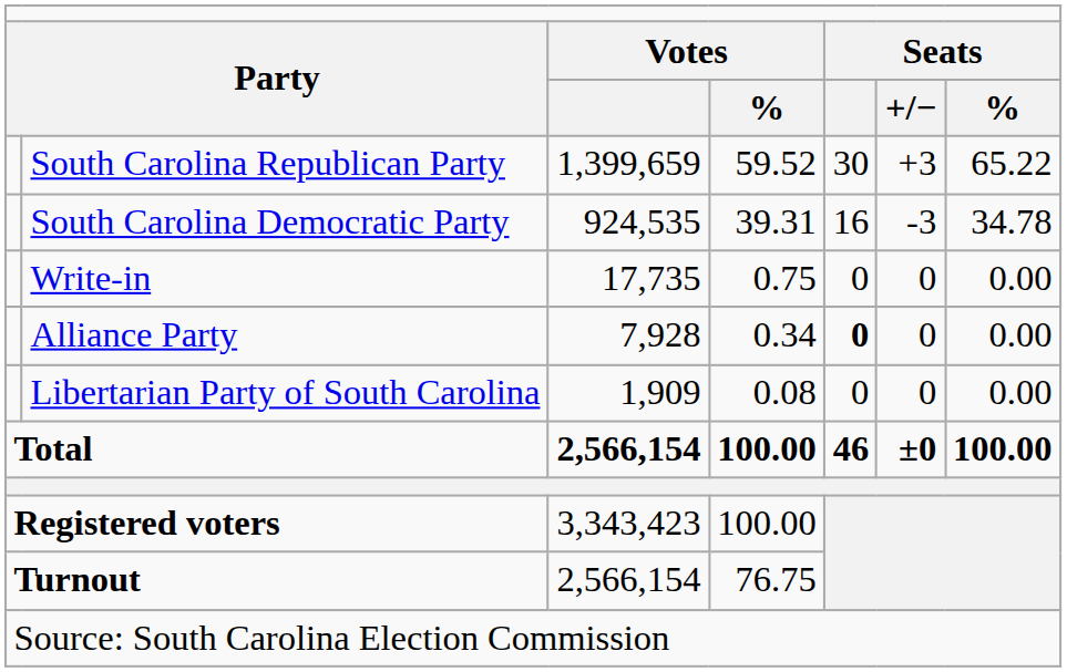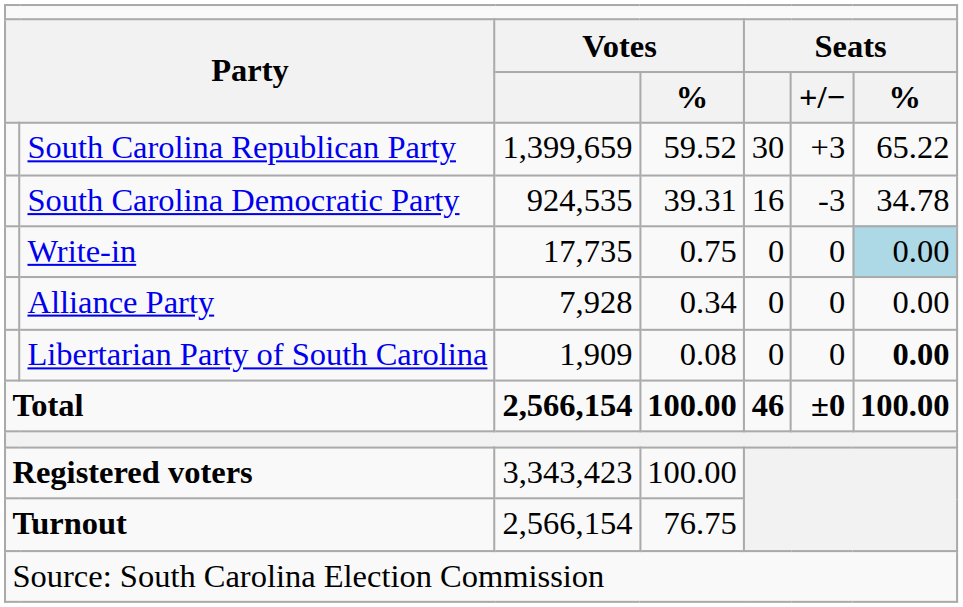 <table class="wikitable">
 <tr>
 <td colspan="7"></td>
 </tr>
 <tr>
 <th colspan="2" rowspan="2">Party</th>
 <th colspan="2">Votes</th>
 <th colspan="3">Seats</th>
 </tr>
 <tr>
 <th></th>
 <th>%</th>
 <th></th>
 <th>+/−</th>
 <th>%</th>
 </tr>
 <tr>
 <td style="background-color:"></td>
 <td><a href='#'>South Carolina Republican Party</a></td>
 <td align="right">1,399,659</td>
 <td align="right">59.52</td>
 <td align="right">30</td>
 <td align="right">+3</td>
 <td align="right">65.22</td>
 </tr>
 <tr>
 <td style="background-color:"></td>
 <td><a href='#'>South Carolina Democratic Party</a></td>
 <td align="right">924,535</td>
 <td align="right">39.31</td>
 <td align="right">16</td>
 <td align="right">-3</td>
 <td align="right">34.78</td>
 </tr>
 <tr>
 <td style="background-color:"></td>
 <td><a href='#'>Write-in</a></td>
 <td align="right">17,735</td>
 <td align="right">0.75</td>
 <td align="right">0</td>
 <td align="right">0</td>
-<td align="right">0.00</td>
+<td align="right" style="background: lightblue;">0.00</td>
 </tr>
 <tr>
 <td style="background-color:"></td>
 <td><a href='#'>Alliance Party</a></td>
 <td align="right">7,928</td>
 <td align="right">0.34</td>
-<td align="right"><strong>0</strong></td>
+<td align="right">0</td>
 <td align="right">0</td>
 <td align="right">0.00</td>
 </tr>
 <tr>
 <td style="background-color:"></td>
 <td><a href='#'>Libertarian Party of South Carolina</a></td>
 <td align="right">1,909</td>
 <td align="right">0.08</td>
 <td align="right">0</td>
 <td align="right">0</td>
-<td align="right">0.00</td>
+<td align="right"><strong>0.00</strong></td>
 </tr>
 <tr>
 <td colspan="2"><strong>Total</strong></td>
 <td align="right"><strong>2,566,154</strong></td>
 <td align="right"><strong>100.00</strong></td>
 <td align="right"><strong>46</strong></td>
 <td align="right"><strong>±0</strong></td>
 <td align="right"><strong>100.00</strong></td>
 </tr>
 <tr>
 <th colspan="7"></th>
 </tr>
 <tr>
 <td colspan="2"><strong>Registered voters</strong></td>
 <td align="right">3,343,423</td>
 <td align="right">100.00</td>
 <th colspan="3" rowspan="2"></th>
 </tr>
 <tr>
 <td colspan="2"><strong>Turnout</strong></td>
 <td align="right">2,566,154</td>
 <td align="right">76.75</td>
 </tr>
 <tr>
 <td colspan="7">Source: South Carolina Election Commission</td>
 </tr>
 </table>
